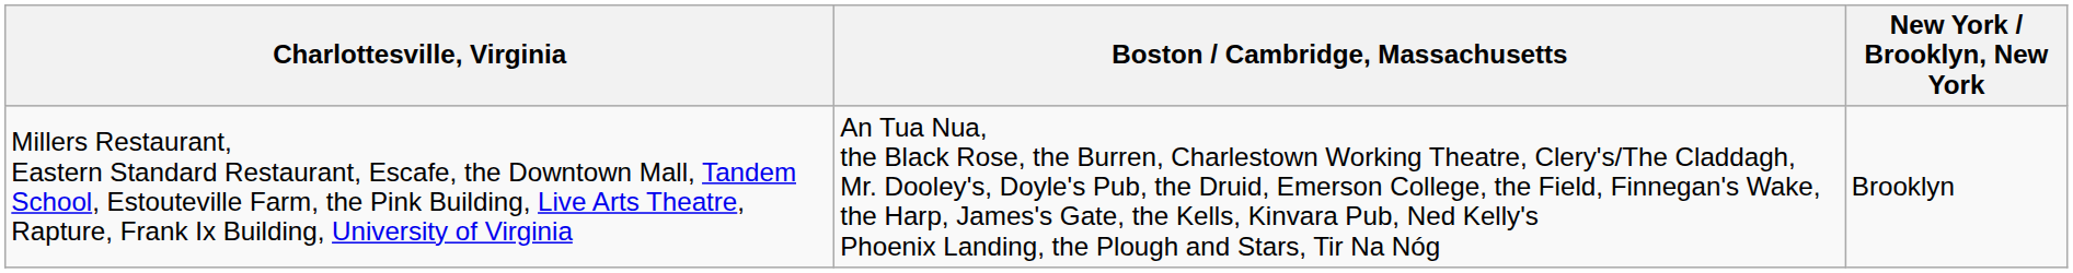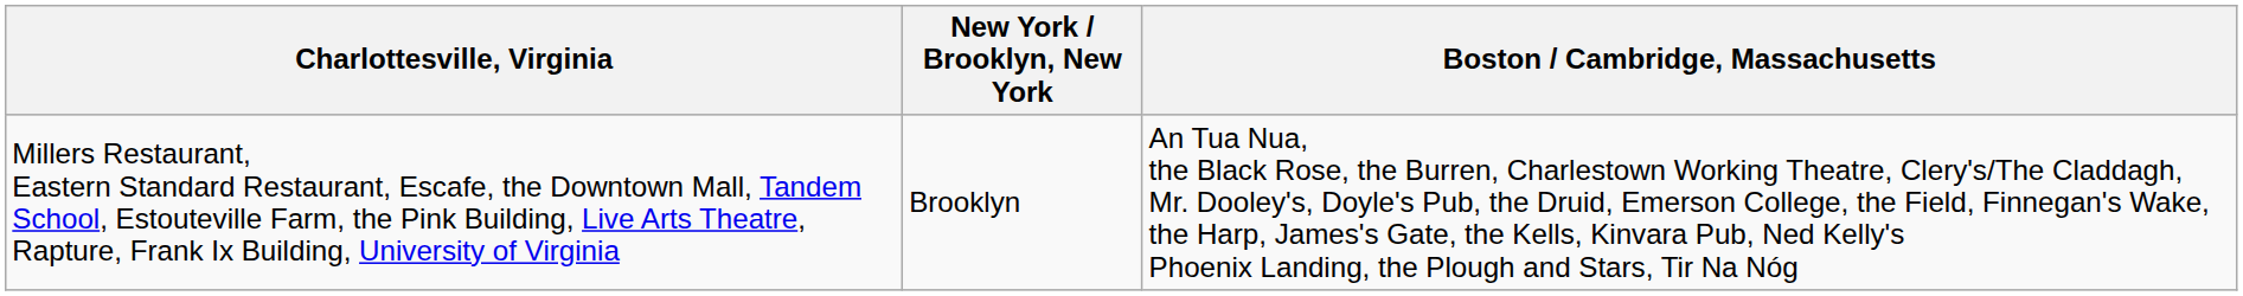 <table class="wikitable" border="0">
 <tr>
 <th>Charlottesville, Virginia</th>
+<th>New York / Brooklyn, New York</th>
 <th>Boston / Cambridge, Massachusetts</th>
-<th>New York / Brooklyn, New York</th>
 </tr>
 <tr>
 <td>Millers Restaurant,<br>Eastern Standard Restaurant, Escafe, the Downtown Mall, <a href='#'>Tandem School</a>, Estouteville Farm, the Pink Building, <a href='#'>Live Arts Theatre</a>, Rapture, Frank Ix Building, <a href='#'>University of Virginia</a></td>
+<td>Brooklyn</td>
 <td>An Tua Nua,<br>the Black Rose, the Burren, Charlestown Working Theatre, Clery's/The Claddagh, Mr. Dooley's, Doyle's Pub, the Druid, Emerson College, the Field, Finnegan's Wake, the Harp, James's Gate, the Kells, Kinvara Pub, Ned Kelly's<br> Phoenix Landing, the Plough and Stars, Tir Na Nóg</td>
-<td>Brooklyn</td>
 </tr>
 </table>
